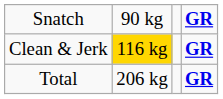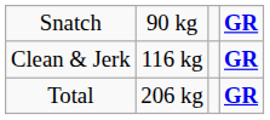 <table class = "wikitable" style="text-align:center;">
 <tr>
 <td>Snatch</td>
 <td>90 kg</td>
 <td align=left></td>
 <td><strong><a href='#'>GR</a></strong></td>
 </tr>
 <tr>
 <td>Clean & Jerk</td>
-<td style="background: gold;">116 kg</td>
+<td>116 kg</td>
 <td align=left></td>
 <td><strong><a href='#'>GR</a></strong></td>
 </tr>
 <tr>
 <td>Total</td>
 <td>206 kg</td>
 <td align=left></td>
 <td><strong><a href='#'>GR</a></strong></td>
 </tr>
 </table>
